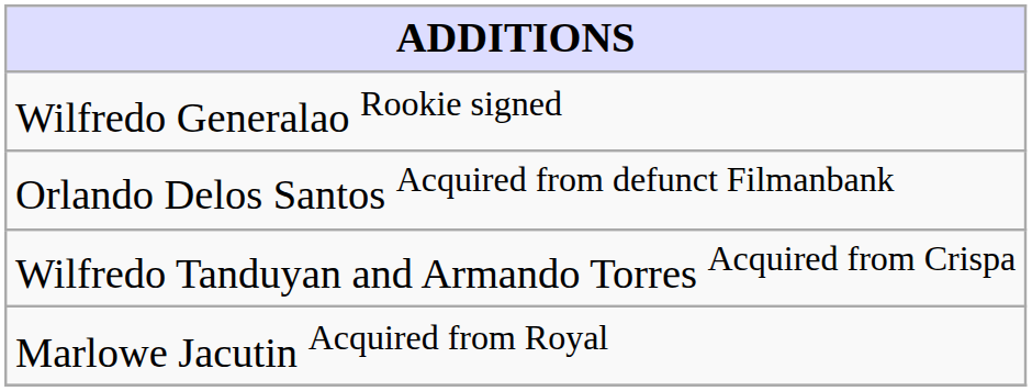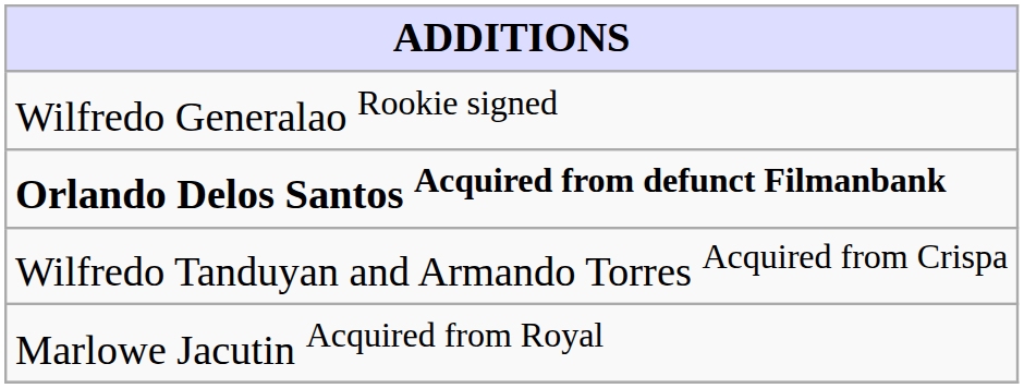 <table class="wikitable" border="1">
 <tr>
 <th style="background:#DDDDFF;"><strong>ADDITIONS</strong></th>
 </tr>
 <tr>
 <td>Wilfredo Generalao <sup>Rookie signed</sup></td>
 </tr>
 <tr>
-<td>Orlando Delos Santos <sup>Acquired from defunct Filmanbank</sup></td>
+<td><strong>Orlando Delos Santos <sup>Acquired from defunct Filmanbank</sup></strong></td>
 </tr>
 <tr>
 <td>Wilfredo Tanduyan and Armando Torres <sup>Acquired from Crispa</sup></td>
 </tr>
 <tr>
 <td>Marlowe Jacutin <sup>Acquired from Royal</sup></td>
 </tr>
 <tr>
 </tr>
 </table>
